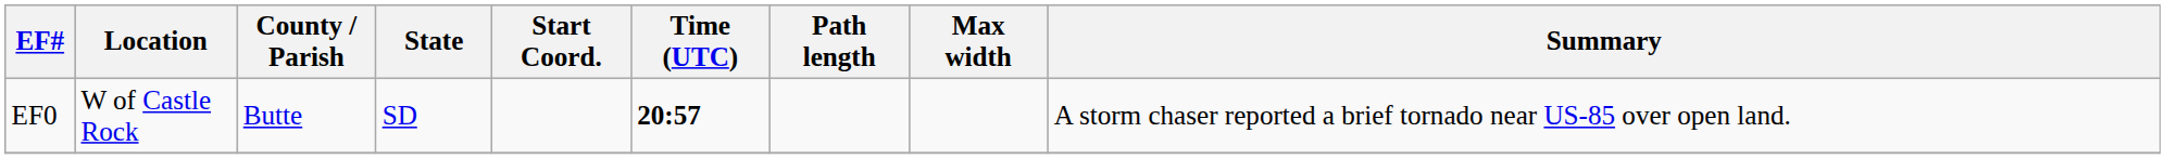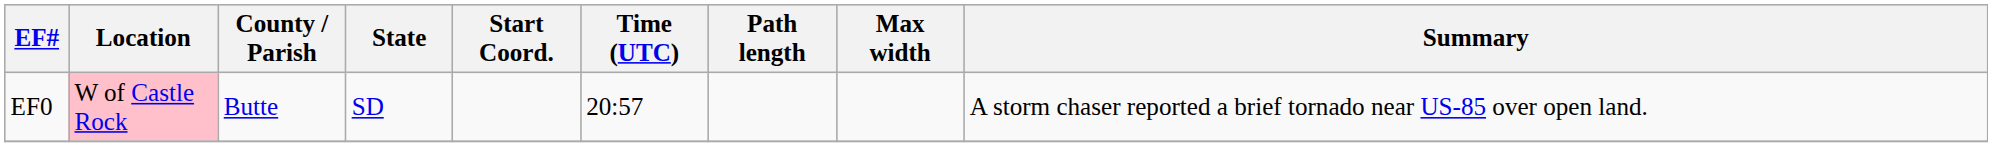 <table class="wikitable sortable" style="width:100%;">
 <tr>
 <th scope="col"  style="width:3%; text-align:center;"><a href='#'>EF#</a></th>
 <th scope="col"  style="width:7%; text-align:center;" class="unsortable">Location</th>
 <th scope="col"  style="width:6%; text-align:center;" class="unsortable">County / Parish</th>
 <th scope="col"  style="width:5%; text-align:center;">State</th>
 <th scope="col"  style="width:6%; text-align:center;">Start Coord.</th>
 <th scope="col"  style="width:6%; text-align:center;">Time (<a href='#'>UTC</a>)</th>
 <th scope="col"  style="width:6%; text-align:center;">Path length</th>
 <th scope="col"  style="width:6%; text-align:center;">Max width</th>
 <th scope="col" class="unsortable" style="width:48%; text-align:center;">Summary</th>
 </tr>
 <tr>
 <td>EF0</td>
-<td>W of <a href='#'>Castle Rock</a></td>
+<td style="background: pink;">W of <a href='#'>Castle Rock</a></td>
 <td><a href='#'>Butte</a></td>
 <td><a href='#'>SD</a></td>
 <td></td>
-<td><strong>20:57</strong></td>
+<td>20:57</td>
 <td></td>
 <td></td>
 <td>A storm chaser reported a brief tornado near <a href='#'>US-85</a> over open land.</td>
 </tr>
 <tr>
 </tr>
 </table>
